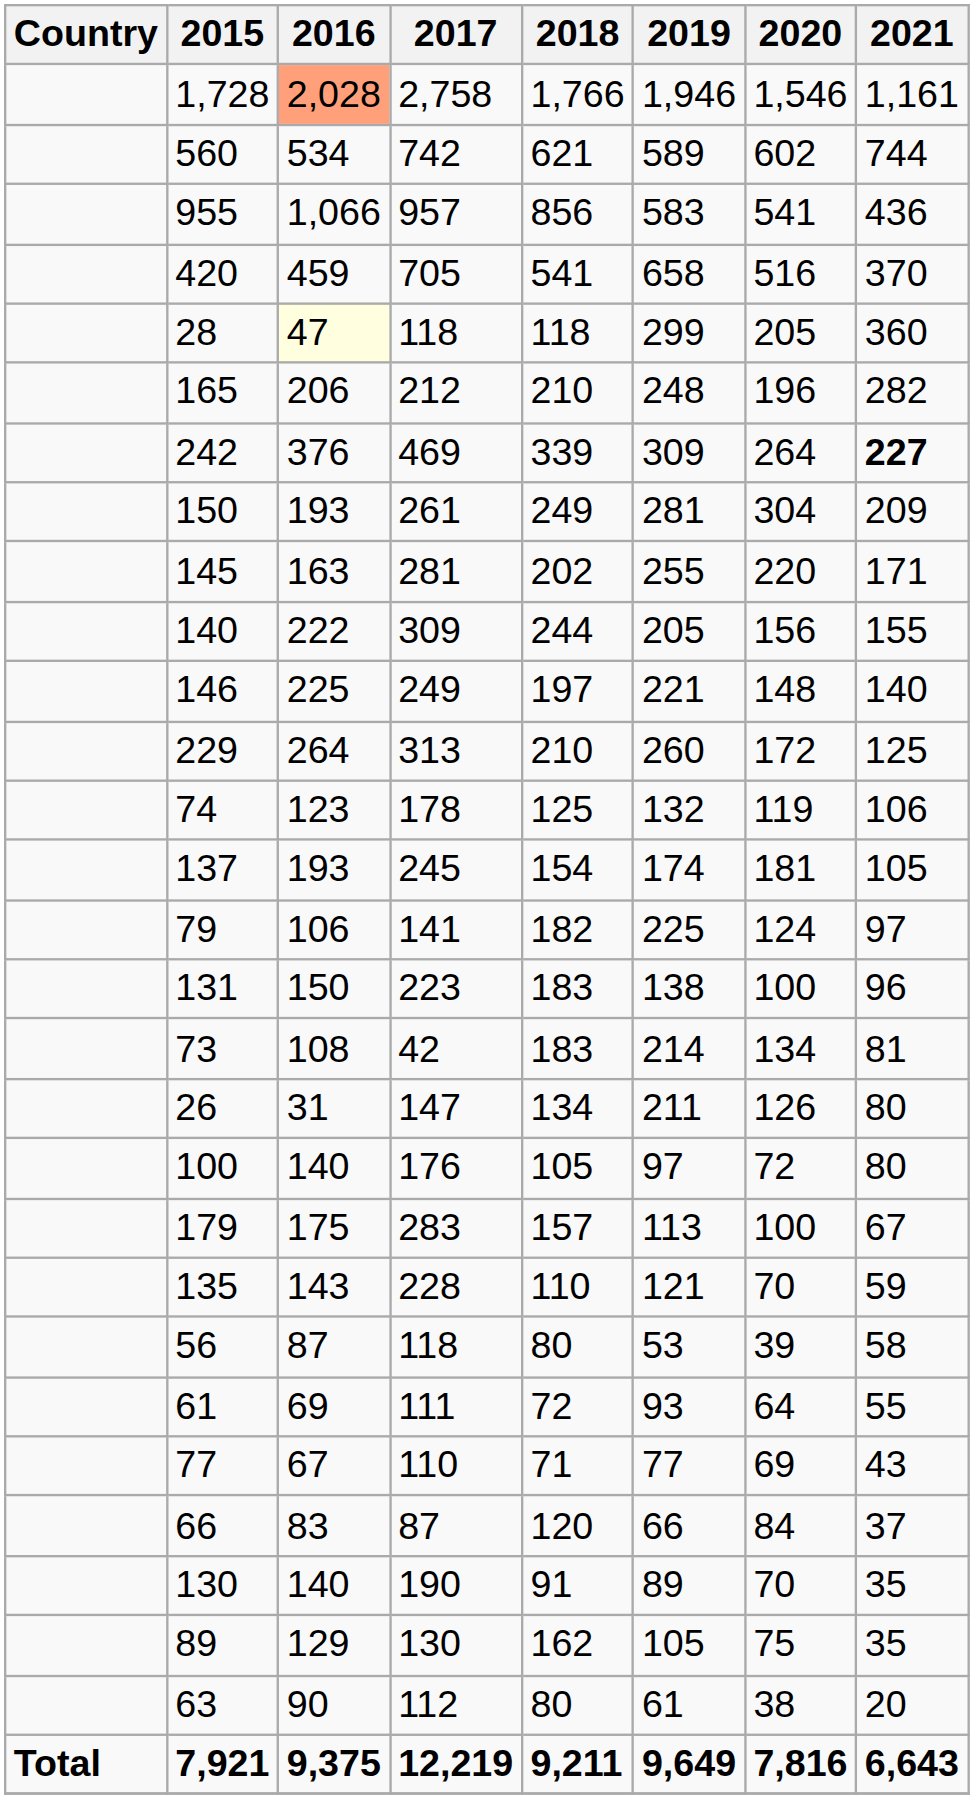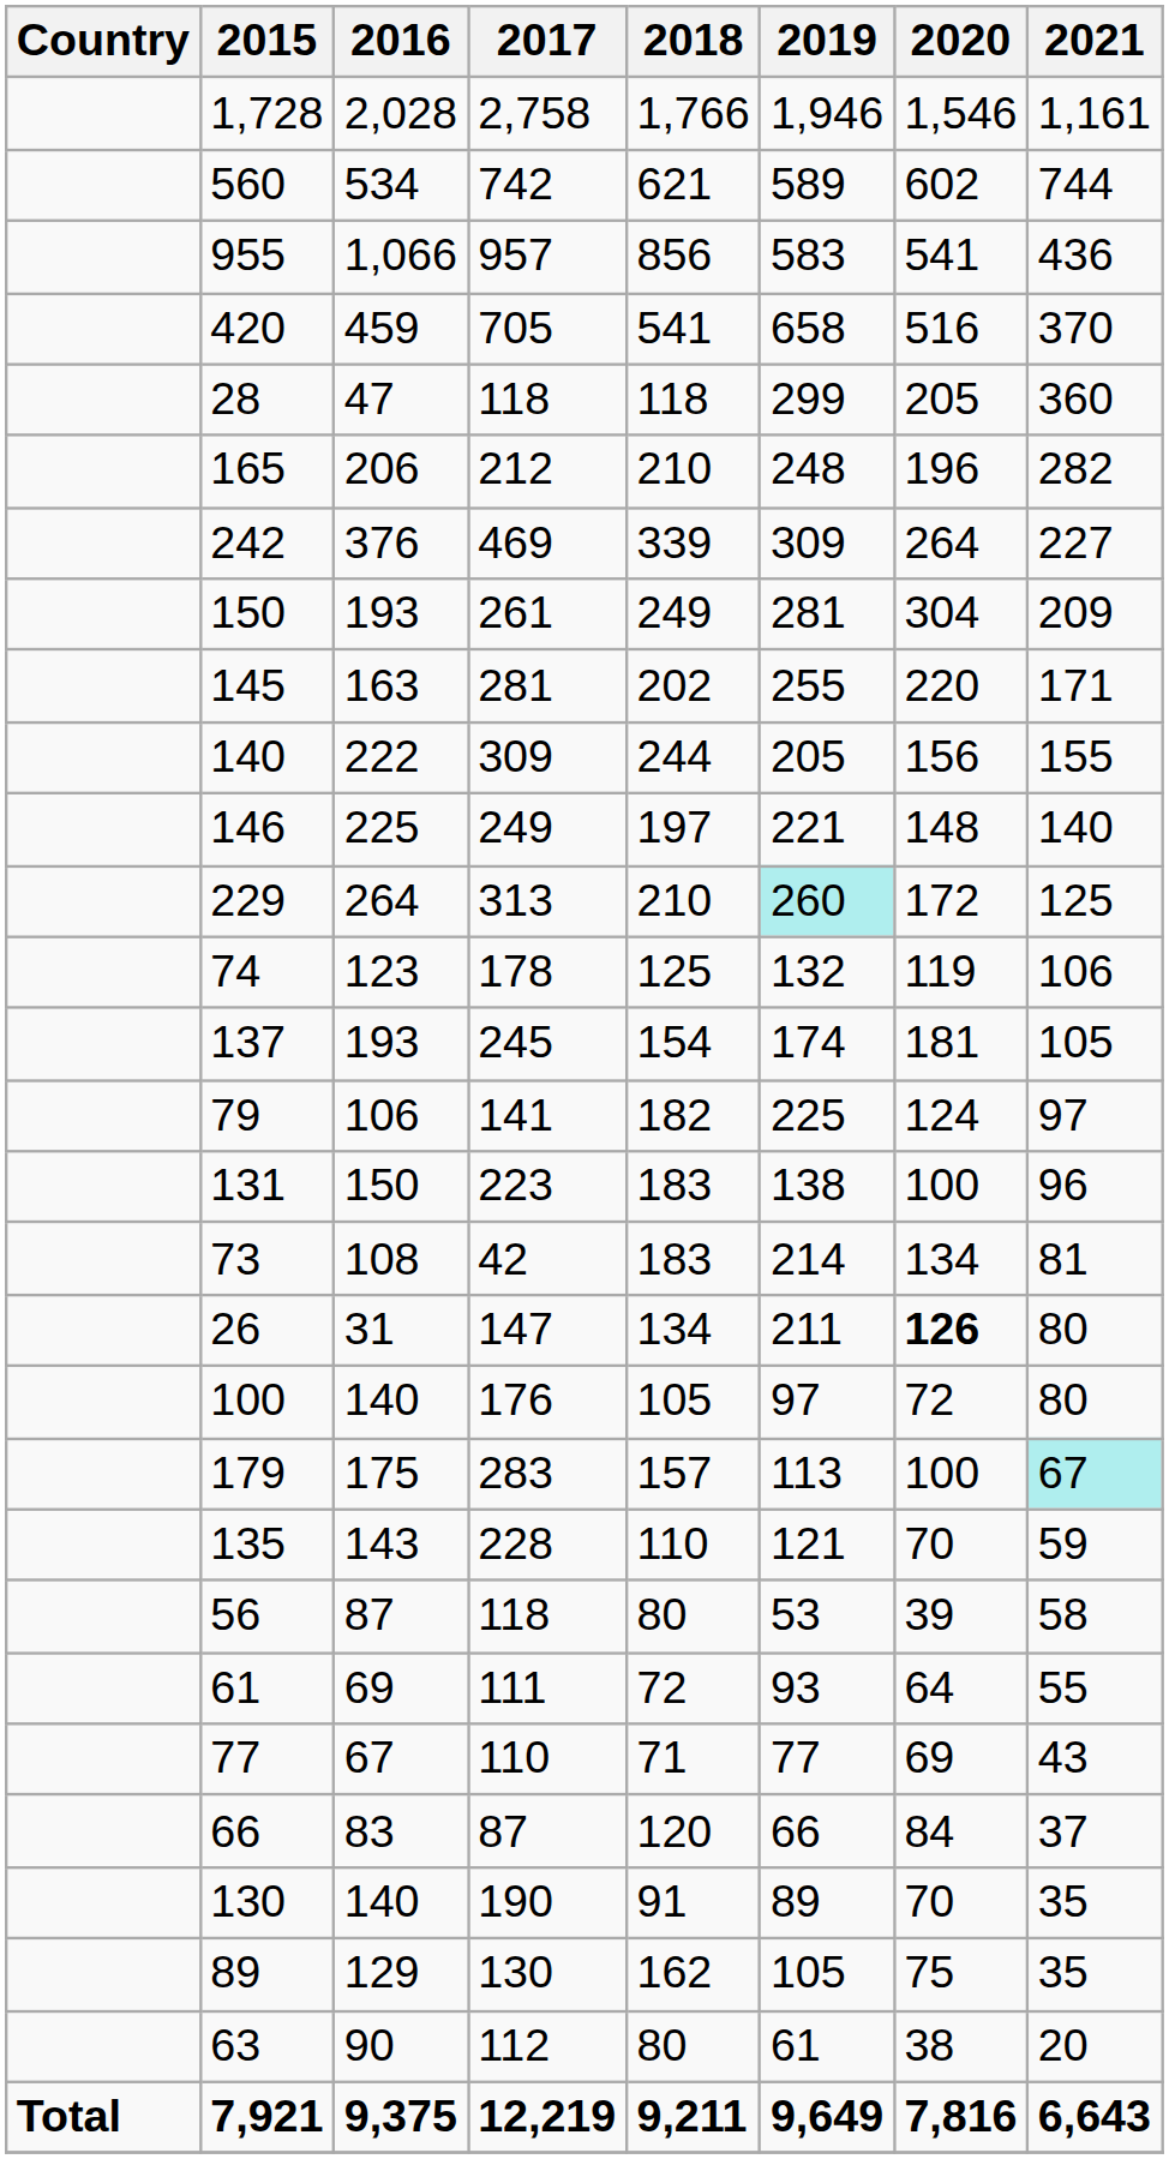 <table class="wikitable sortable">
 <tr>
 <th>Country</th>
 <th>2015</th>
 <th>2016</th>
 <th>2017</th>
 <th>2018</th>
 <th>2019</th>
 <th>2020</th>
 <th>2021</th>
 </tr>
 <tr>
 <td></td>
 <td>1,728</td>
-<td style="background: lightsalmon;">2,028</td>
+<td>2,028</td>
 <td>2,758</td>
 <td>1,766</td>
 <td>1,946</td>
 <td>1,546</td>
 <td>1,161</td>
 </tr>
 <tr>
 <td></td>
 <td>560</td>
 <td>534</td>
 <td>742</td>
 <td>621</td>
 <td>589</td>
 <td>602</td>
 <td>744</td>
 </tr>
 <tr>
 <td></td>
 <td>955</td>
 <td>1,066</td>
 <td>957</td>
 <td>856</td>
 <td>583</td>
 <td>541</td>
 <td>436</td>
 </tr>
 <tr>
 <td></td>
 <td>420</td>
 <td>459</td>
 <td>705</td>
 <td>541</td>
 <td>658</td>
 <td>516</td>
 <td>370</td>
 </tr>
 <tr>
 <td></td>
 <td>28</td>
-<td style="background: lightyellow;">47</td>
+<td>47</td>
 <td>118</td>
 <td>118</td>
 <td>299</td>
 <td>205</td>
 <td>360</td>
 </tr>
 <tr>
 <td></td>
 <td>165</td>
 <td>206</td>
 <td>212</td>
 <td>210</td>
 <td>248</td>
 <td>196</td>
 <td>282</td>
 </tr>
 <tr>
 <td></td>
 <td>242</td>
 <td>376</td>
 <td>469</td>
 <td>339</td>
 <td>309</td>
 <td>264</td>
-<td><strong>227</strong></td>
+<td>227</td>
 </tr>
 <tr>
 <td></td>
 <td>150</td>
 <td>193</td>
 <td>261</td>
 <td>249</td>
 <td>281</td>
 <td>304</td>
 <td>209</td>
 </tr>
 <tr>
 <td></td>
 <td>145</td>
 <td>163</td>
 <td>281</td>
 <td>202</td>
 <td>255</td>
 <td>220</td>
 <td>171</td>
 </tr>
 <tr>
 <td></td>
 <td>140</td>
 <td>222</td>
 <td>309</td>
 <td>244</td>
 <td>205</td>
 <td>156</td>
 <td>155</td>
 </tr>
 <tr>
 <td></td>
 <td>146</td>
 <td>225</td>
 <td>249</td>
 <td>197</td>
 <td>221</td>
 <td>148</td>
 <td>140</td>
 </tr>
 <tr>
 <td></td>
 <td>229</td>
 <td>264</td>
 <td>313</td>
 <td>210</td>
-<td>260</td>
+<td style="background: paleturquoise;">260</td>
 <td>172</td>
 <td>125</td>
 </tr>
 <tr>
 <td></td>
 <td>74</td>
 <td>123</td>
 <td>178</td>
 <td>125</td>
 <td>132</td>
 <td>119</td>
 <td>106</td>
 </tr>
 <tr>
 <td></td>
 <td>137</td>
 <td>193</td>
 <td>245</td>
 <td>154</td>
 <td>174</td>
 <td>181</td>
 <td>105</td>
 </tr>
 <tr>
 <td></td>
 <td>79</td>
 <td>106</td>
 <td>141</td>
 <td>182</td>
 <td>225</td>
 <td>124</td>
 <td>97</td>
 </tr>
 <tr>
 <td></td>
 <td>131</td>
 <td>150</td>
 <td>223</td>
 <td>183</td>
 <td>138</td>
 <td>100</td>
 <td>96</td>
 </tr>
 <tr>
 <td></td>
 <td>73</td>
 <td>108</td>
 <td>42</td>
 <td>183</td>
 <td>214</td>
 <td>134</td>
 <td>81</td>
 </tr>
 <tr>
 <td></td>
 <td>26</td>
 <td>31</td>
 <td>147</td>
 <td>134</td>
 <td>211</td>
-<td>126</td>
+<td><strong>126</strong></td>
 <td>80</td>
 </tr>
 <tr>
 <td></td>
 <td>100</td>
 <td>140</td>
 <td>176</td>
 <td>105</td>
 <td>97</td>
 <td>72</td>
 <td>80</td>
 </tr>
 <tr>
 <td></td>
 <td>179</td>
 <td>175</td>
 <td>283</td>
 <td>157</td>
 <td>113</td>
 <td>100</td>
-<td>67</td>
+<td style="background: paleturquoise;">67</td>
 </tr>
 <tr>
 <td></td>
 <td>135</td>
 <td>143</td>
 <td>228</td>
 <td>110</td>
 <td>121</td>
 <td>70</td>
 <td>59</td>
 </tr>
 <tr>
 <td></td>
 <td>56</td>
 <td>87</td>
 <td>118</td>
 <td>80</td>
 <td>53</td>
 <td>39</td>
 <td>58</td>
 </tr>
 <tr>
 <td></td>
 <td>61</td>
 <td>69</td>
 <td>111</td>
 <td>72</td>
 <td>93</td>
 <td>64</td>
 <td>55</td>
 </tr>
 <tr>
 <td></td>
 <td>77</td>
 <td>67</td>
 <td>110</td>
 <td>71</td>
 <td>77</td>
 <td>69</td>
 <td>43</td>
 </tr>
 <tr>
 <td></td>
 <td>66</td>
 <td>83</td>
 <td>87</td>
 <td>120</td>
 <td>66</td>
 <td>84</td>
 <td>37</td>
 </tr>
 <tr>
 <td></td>
 <td>130</td>
 <td>140</td>
 <td>190</td>
 <td>91</td>
 <td>89</td>
 <td>70</td>
 <td>35</td>
 </tr>
 <tr>
 <td></td>
 <td>89</td>
 <td>129</td>
 <td>130</td>
 <td>162</td>
 <td>105</td>
 <td>75</td>
 <td>35</td>
 </tr>
 <tr>
 <td></td>
 <td>63</td>
 <td>90</td>
 <td>112</td>
 <td>80</td>
 <td>61</td>
 <td>38</td>
 <td>20</td>
 </tr>
 <tr>
 <td><strong>Total</strong></td>
 <td><strong>7,921</strong></td>
 <td><strong>9,375</strong></td>
 <td><strong>12,219</strong></td>
 <td><strong>9,211</strong></td>
 <td><strong>9,649</strong></td>
 <td><strong>7,816</strong></td>
 <td><strong>6,643</strong></td>
 </tr>
 <tr>
 </tr>
 </table>
